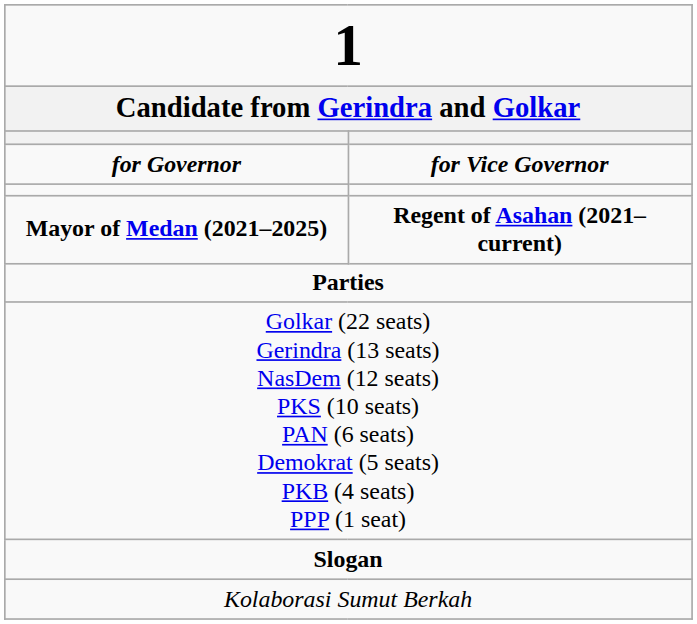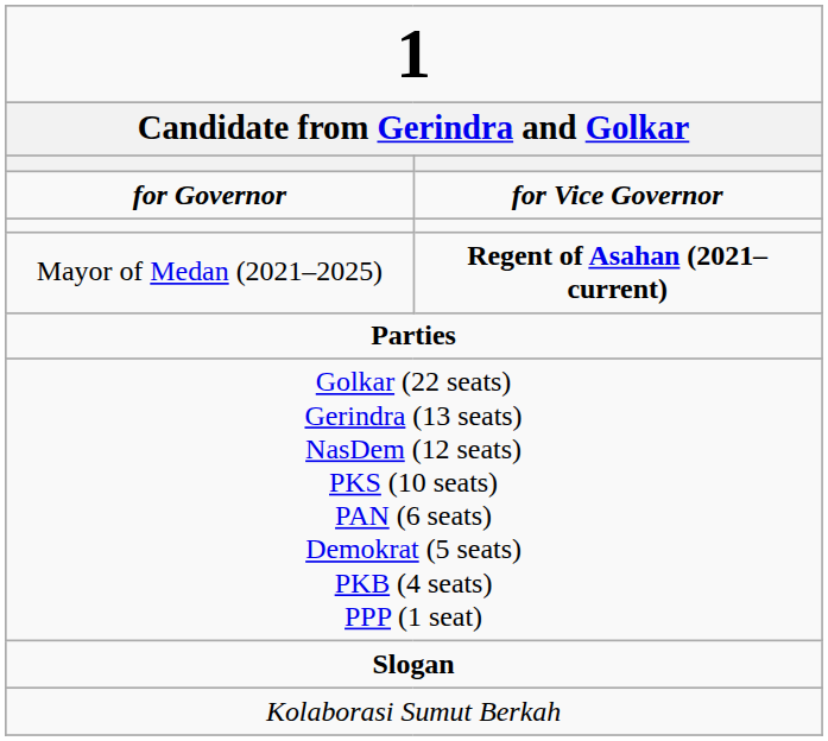 <table class="wikitable" style="font-size:90%; text-align:center;">
 <tr>
 <td colspan=2><big><big><big><big><big><strong>1</strong></big></big></big></big></big></td>
 </tr>
 <tr>
 <th colspan=2><strong><big>Candidate from <a href='#'>Gerindra</a> and <a href='#'>Golkar</a></big></strong></th>
 </tr>
 <tr>
 <th style="width:3em; font-size:135%; background:#"><a href='#'></a></th>
 <th style="width:3em; font-size:135%; background:#"></th>
 </tr>
 <tr style="color:#000; font-size:100%; background:#">
 <td style="width:3em; width:200px;"><strong><em>for Governor</em></strong></td>
 <td style="width:3em; width:200px;"><strong><em>for Vice Governor</em></strong></td>
 </tr>
 <tr>
 <td></td>
 <td></td>
 </tr>
 <tr>
-<td><strong>Mayor of <a href='#'>Medan</a> (2021–2025)</strong></td>
+<td>Mayor of <a href='#'>Medan</a> (2021–2025)</td>
 <td><strong>Regent of <a href='#'>Asahan</a> (2021–current)</strong></td>
 </tr>
 <tr>
 <td colspan=2 style="background:#"><strong>Parties</strong></td>
 </tr>
 <tr>
 <td colspan=2> <a href='#'>Golkar</a> (22 seats)<br><a href='#'>Gerindra</a> (13 seats)<br><a href='#'>NasDem</a> (12 seats)<br><a href='#'>PKS</a> (10 seats)<br><a href='#'>PAN</a> (6 seats)<br><a href='#'>Demokrat</a> (5 seats)<br><a href='#'>PKB</a> (4 seats)<br><a href='#'>PPP</a> (1 seat)</td>
 </tr>
 <tr>
 <td colspan="2"><strong>Slogan</strong></td>
 </tr>
 <tr>
 <td colspan="2"><em>Kolaborasi Sumut Berkah</em></td>
 </tr>
 </table>
